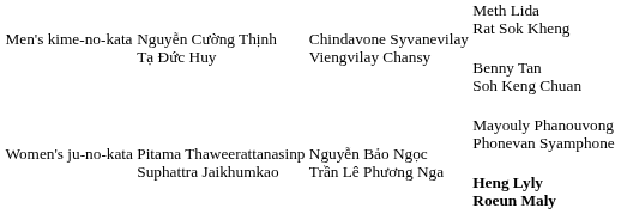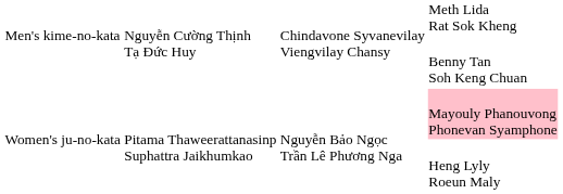 <table>
 <tr>
 <td rowspan=2>Men's kime-no-kata</td>
 <td rowspan=2 nowrap><br>Nguyễn Cường Thịnh<br>Tạ Đức Huy</td>
 <td rowspan=2 nowrap><br>Chindavone Syvanevilay<br>Viengvilay Chansy</td>
 <td nowrap><br>Meth Lida<br>Rat Sok Kheng</td>
 </tr>
 <tr>
 <td><br>Benny Tan<br>Soh Keng Chuan</td>
 </tr>
 <tr>
 <td rowspan=2>Women's ju-no-kata</td>
 <td rowspan=2 nowrap><br>Pitama Thaweerattanasinp<br>Suphattra Jaikhumkao</td>
 <td rowspan=2 nowrap><br>Nguyễn Bảo Ngọc<br> Trần Lê Phương Nga</td>
-<td nowrap><br>Mayouly Phanouvong<br>Phonevan Syamphone</td>
+<td nowrap style="background: pink;"><br>Mayouly Phanouvong<br>Phonevan Syamphone</td>
 </tr>
 <tr>
-<td><strong><br>Heng Lyly<br>Roeun Maly</strong></td>
+<td><br>Heng Lyly<br>Roeun Maly</td>
 </tr>
 <tr>
 </tr>
 </table>
